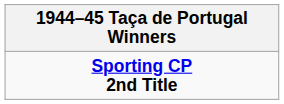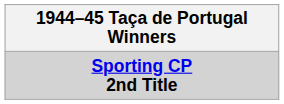 <table class="wikitable" style="text-align: center; margin: 0 auto; width: 20%">
 <tr>
 <th>1944–45 Taça de Portugal Winners</th>
 </tr>
 <tr>
-<td><strong><a href='#'>Sporting CP</a></strong><br><strong>2nd Title</strong></td>
+<td style="background: lightgrey;"><strong><a href='#'>Sporting CP</a></strong><br><strong>2nd Title</strong></td>
 </tr>
 </table>
